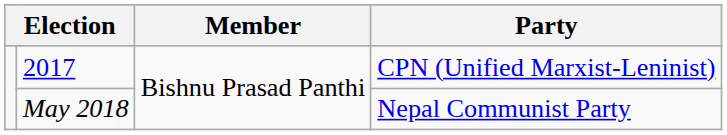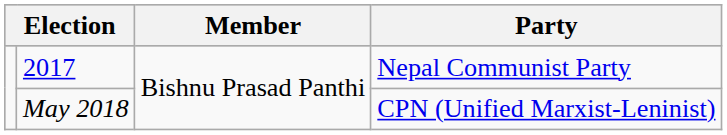 <table class="wikitable">
 <tr>
 <th colspan="2">Election</th>
 <th>Member</th>
 <th>Party</th>
 </tr>
 <tr>
 <td rowspan="2" style="background-color:"></td>
 <td><a href='#'>2017</a></td>
 <td rowspan="2">Bishnu Prasad Panthi</td>
-<td><a href='#'>CPN (Unified Marxist-Leninist)</a></td>
+<td><a href='#'>Nepal Communist Party</a></td>
 </tr>
 <tr>
 <td><em>May 2018</em></td>
-<td><a href='#'>Nepal Communist Party</a></td>
+<td><a href='#'>CPN (Unified Marxist-Leninist)</a></td>
 </tr>
 </table>
